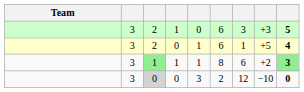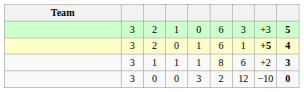 <table class="wikitable" style="text-align: center; font-size:90% ">
 <tr>
 <th width=160>Team</th>
 <th width=25></th>
 <th width=25></th>
 <th width=25></th>
 <th width=25></th>
 <th width=25></th>
 <th width=25></th>
 <th width=25></th>
 <th width=25></th>
 </tr>
 <tr bgcolor=ccffcc>
 <td align=left></td>
 <td>3</td>
 <td>2</td>
 <td>1</td>
 <td>0</td>
 <td>6</td>
 <td>3</td>
 <td>+3</td>
 <td><strong>5</strong></td>
 </tr>
 <tr bgcolor=ffffcc>
 <td align=left></td>
 <td>3</td>
 <td>2</td>
 <td>0</td>
 <td>1</td>
 <td>6</td>
 <td>1</td>
-<td>+5</td>
+<td><strong>+5</strong></td>
 <td><strong>4</strong></td>
 </tr>
 <tr>
 <td align=left></td>
 <td>3</td>
-<td style="background: lightgreen;">1</td>
 <td>1</td>
 <td>1</td>
-<td>8</td>
+<td>1</td>
+<td style="background: lightyellow;">8</td>
 <td>6</td>
 <td>+2</td>
-<td style="background: lightgreen;"><strong>3</strong></td>
+<td><strong>3</strong></td>
 </tr>
 <tr>
 <td align=left></td>
 <td>3</td>
-<td style="background: lightgrey;">0</td>
+<td>0</td>
 <td>0</td>
 <td>3</td>
 <td>2</td>
 <td>12</td>
 <td>−10</td>
 <td><strong>0</strong></td>
 </tr>
 </table>
